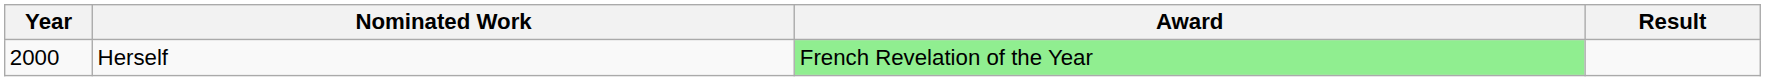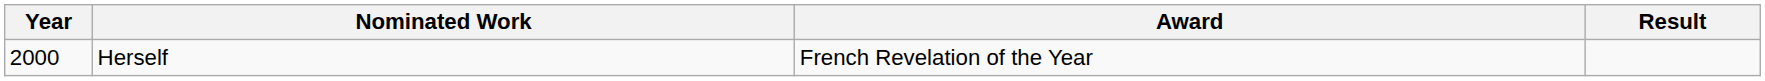 <table class="wikitable" width=100%>
 <tr>
 <th width=5%>Year</th>
 <th width=40%>Nominated Work</th>
 <th width=45%>Award</th>
 <th width=10%>Result</th>
 </tr>
 <tr>
 <td rowspan="2">2000</td>
 <td>Herself</td>
-<td style="background: lightgreen;">French Revelation of the Year</td>
+<td>French Revelation of the Year</td>
 <td></td>
 </tr>
 </table>
